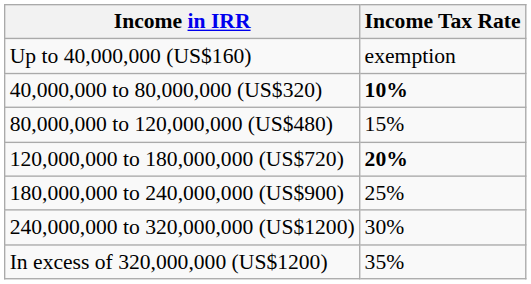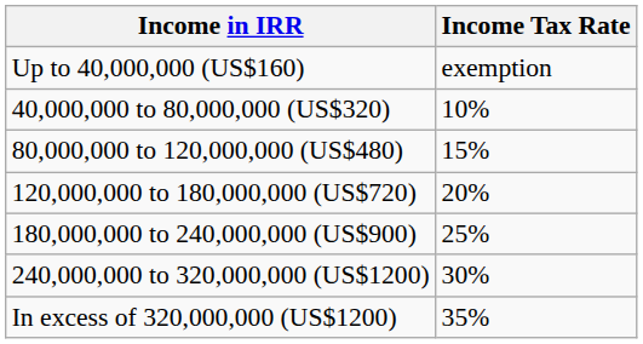 <table class="wikitable">
 <tr>
 <th>Income <a href='#'>in IRR</a></th>
 <th>Income Tax Rate</th>
 </tr>
 <tr>
 <td>Up to 40,000,000 (US$160)</td>
 <td>exemption</td>
 </tr>
 <tr>
 <td>40,000,000 to 80,000,000  (US$320)</td>
-<td><strong>10%</strong></td>
+<td>10%</td>
 </tr>
 <tr>
 <td>80,000,000  to 120,000,000 (US$480)</td>
 <td>15%</td>
 </tr>
 <tr>
 <td>120,000,000 to 180,000,000 (US$720)</td>
-<td><strong>20%</strong></td>
+<td>20%</td>
 </tr>
 <tr>
 <td>180,000,000 to 240,000,000 (US$900)</td>
 <td>25%</td>
 </tr>
 <tr>
 <td>240,000,000 to 320,000,000 (US$1200)</td>
 <td>30%</td>
 </tr>
 <tr>
 <td>In excess of 320,000,000  (US$1200)</td>
 <td>35%</td>
 </tr>
 </table>
